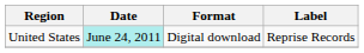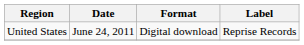 <table class=wikitable>
 <tr>
 <th>Region</th>
 <th>Date</th>
 <th>Format</th>
 <th>Label</th>
 </tr>
 <tr>
 <td>United States</td>
-<td style="background: paleturquoise;">June 24, 2011</td>
+<td>June 24, 2011</td>
 <td>Digital download</td>
 <td>Reprise Records</td>
 </tr>
 <tr>
 </tr>
 </table>
